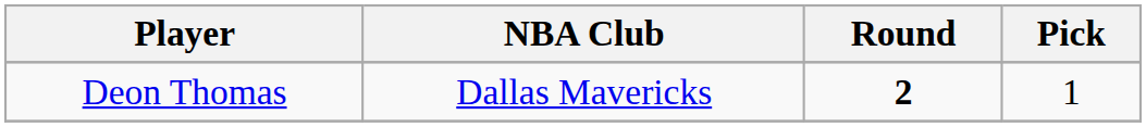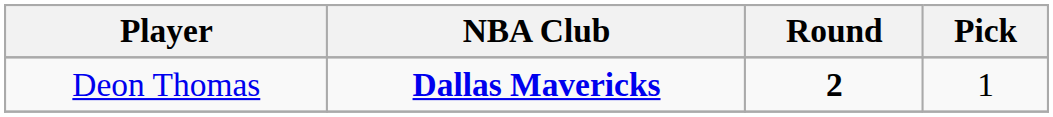 <table class="wikitable" width="500">
 <tr>
 <th>Player</th>
 <th>NBA Club</th>
 <th>Round</th>
 <th>Pick</th>
 </tr>
 <tr>
 </tr>
 <tr align="center" bgcolor="">
 <td><a href='#'>Deon Thomas</a></td>
-<td><a href='#'>Dallas Mavericks</a></td>
+<td><strong><a href='#'>Dallas Mavericks</a></strong></td>
 <td><strong>2</strong></td>
 <td>1</td>
 </tr>
 <tr align="center" bgcolor="">
 </tr>
 </table>
